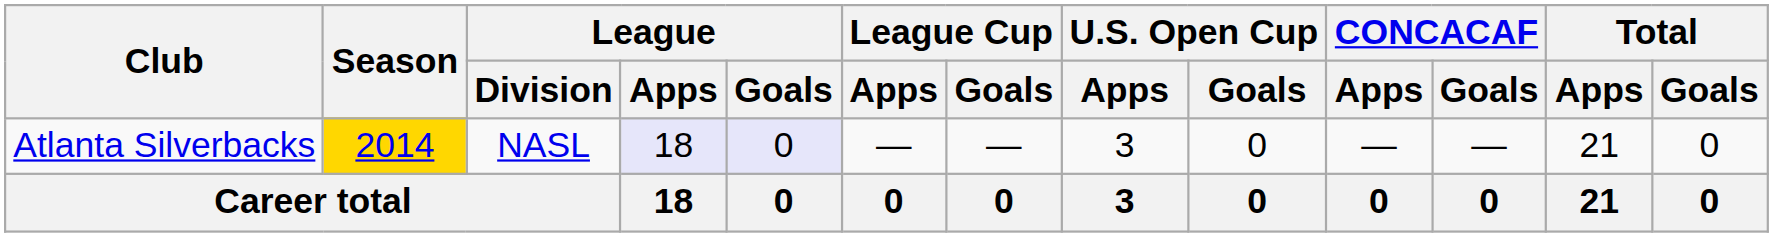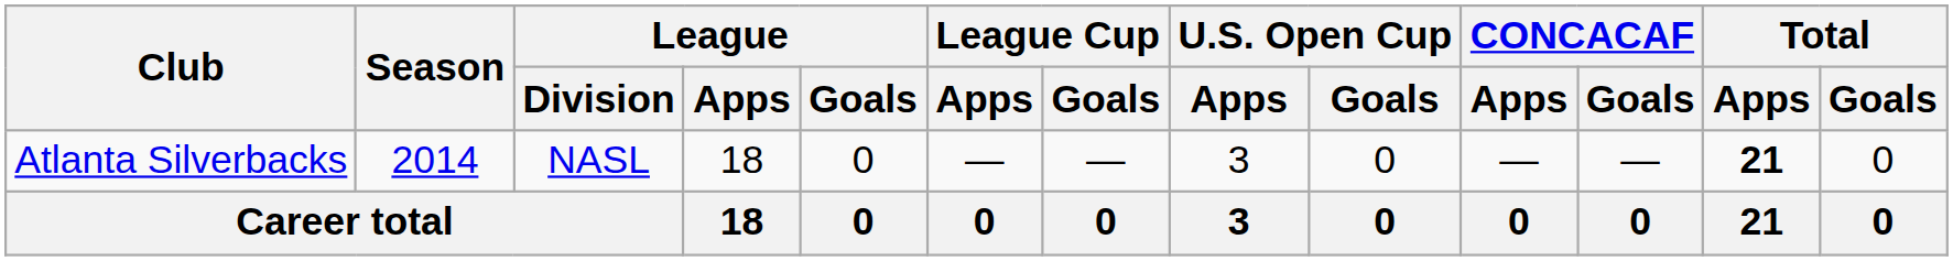 <table class="wikitable" style="text-align: center;">
 <tr>
 <th rowspan=2>Club</th>
 <th rowspan=2>Season</th>
 <th colspan=3>League</th>
 <th colspan=2>League Cup</th>
 <th colspan=2>U.S. Open Cup</th>
 <th colspan=2><a href='#'>CONCACAF</a></th>
 <th colspan=2>Total</th>
 </tr>
 <tr>
 <th>Division</th>
 <th>Apps</th>
 <th>Goals</th>
 <th>Apps</th>
 <th>Goals</th>
 <th>Apps</th>
 <th>Goals</th>
 <th>Apps</th>
 <th>Goals</th>
 <th>Apps</th>
 <th>Goals</th>
 </tr>
 <tr>
 <td rowspan=1><a href='#'>Atlanta Silverbacks</a></td>
-<td style="background: gold;"><a href='#'>2014</a></td>
+<td><a href='#'>2014</a></td>
 <td><a href='#'>NASL</a></td>
-<td style="background: lavender;">18</td>
-<td style="background: lavender;">0</td>
+<td>18</td>
+<td>0</td>
 <td>—</td>
 <td>—</td>
 <td>3</td>
 <td>0</td>
 <td>—</td>
 <td>—</td>
-<td>21</td>
+<td><strong>21</strong></td>
 <td>0</td>
 </tr>
 <tr>
 <th colspan=3>Career total</th>
 <th>18</th>
 <th>0</th>
 <th>0</th>
 <th>0</th>
 <th>3</th>
 <th>0</th>
 <th>0</th>
 <th>0</th>
 <th>21</th>
 <th>0</th>
 </tr>
 </table>
